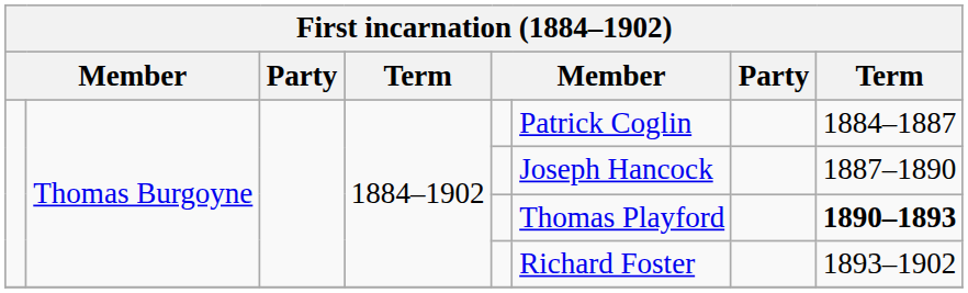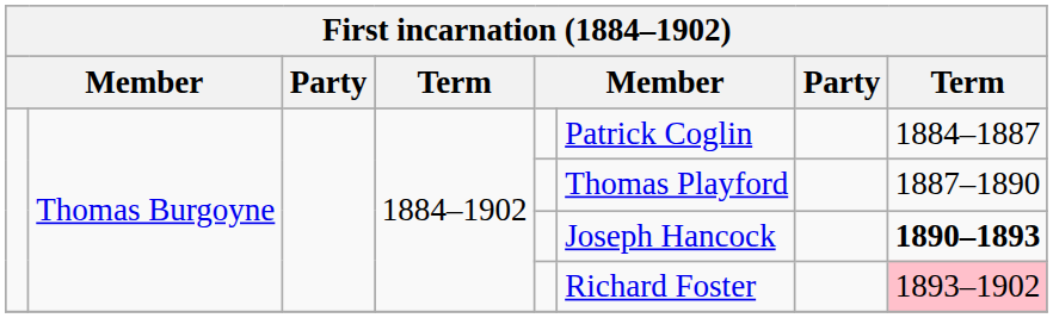 <table class="wikitable">
 <tr>
 <th colspan = 8>First incarnation (1884–1902)</th>
 </tr>
 <tr>
 <th colspan=2>Member</th>
 <th>Party</th>
 <th>Term</th>
 <th colspan=2>Member</th>
 <th>Party</th>
 <th>Term</th>
 </tr>
 <tr>
 <td rowspan=4 > </td>
 <td rowspan=4><a href='#'>Thomas Burgoyne</a></td>
 <td rowspan=4></td>
 <td rowspan=4>1884–1902</td>
 <td> </td>
 <td><a href='#'>Patrick Coglin</a></td>
 <td></td>
 <td>1884–1887</td>
 </tr>
 <tr>
 <td> </td>
-<td><a href='#'>Joseph Hancock</a></td>
+<td><a href='#'>Thomas Playford</a></td>
 <td></td>
 <td>1887–1890</td>
 </tr>
 <tr>
 <td> </td>
-<td><a href='#'>Thomas Playford</a></td>
+<td><a href='#'>Joseph Hancock</a></td>
 <td></td>
 <td><strong>1890–1893</strong></td>
 </tr>
 <tr>
 <td> </td>
 <td><a href='#'>Richard Foster</a></td>
 <td></td>
-<td>1893–1902</td>
+<td style="background: pink;">1893–1902</td>
 </tr>
 <tr>
 </tr>
 </table>
